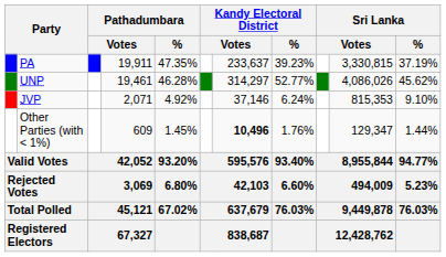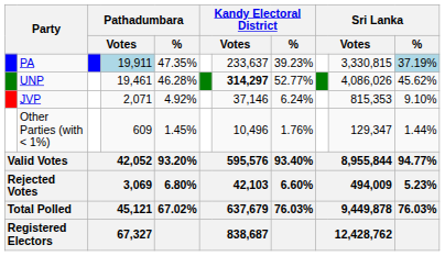 <table class="wikitable">
 <tr>
 <th colspan="2" width="144px"rowspan="2">Party</th>
 <th colspan="3" width="216px">Pathadumbara</th>
 <th colspan="3" width="216px"><a href='#'>Kandy Electoral District</a></th>
 <th colspan="3" width="216px">Sri Lanka</th>
 </tr>
 <tr>
 <th colspan="2" width="144px">Votes</th>
 <th>%</th>
 <th colspan="2" width="144px">Votes</th>
 <th>%</th>
 <th colspan="2" width="144px">Votes</th>
 <th>%</th>
 </tr>
 <tr>
 <td style="background-color:blue;" width="10px"></td>
 <td style="text-align:left;"><a href='#'>PA</a></td>
 <td style="background-color:blue;" width="10px"></td>
-<td style="text-align:right;">19,911</td>
+<td style="background: lightblue; text-align:right;">19,911</td>
 <td style="text-align:right;">47.35%</td>
 <td style="background-color:white;" width="10px"></td>
 <td style="text-align:right;">233,637</td>
 <td style="text-align:right;">39.23%</td>
 <td style="background-color:white;" width="10px"></td>
 <td style="text-align:right;">3,330,815</td>
-<td style="text-align:right;">37.19%</td>
+<td style="background: lightblue; text-align:right;">37.19%</td>
 </tr>
 <tr>
 <td style="background-color:green;" width="10px"></td>
 <td style="text-align:left;"><a href='#'>UNP</a></td>
 <td style="background-color:white;" width="10px"></td>
 <td style="text-align:right;">19,461</td>
 <td style="text-align:right;">46.28%</td>
 <td style="background-color:green;" width="10px"></td>
-<td style="text-align:right;">314,297</td>
+<td style="text-align:right;"><strong>314,297</strong></td>
 <td style="text-align:right;">52.77%</td>
 <td style="background-color:green;" width="10px"></td>
 <td style="text-align:right;">4,086,026</td>
 <td style="text-align:right;">45.62%</td>
 </tr>
 <tr>
 <td style="background-color:red;" width="10px"></td>
 <td style="text-align:left;"><a href='#'>JVP</a></td>
 <td style="background-color:white;" width="10px"></td>
 <td style="text-align:right;">2,071</td>
 <td style="text-align:right;">4.92%</td>
 <td style="background-color:white;" width="10px"></td>
 <td style="text-align:right;">37,146</td>
 <td style="text-align:right;">6.24%</td>
 <td style="background-color:white;" width="10px"></td>
 <td style="text-align:right;">815,353</td>
 <td style="text-align:right;">9.10%</td>
 </tr>
 <tr>
 <td style="background-color:white;" width="10px"></td>
 <td style="text-align:left;">Other Parties (with < 1%)</td>
 <td style="background-color:white;" width="10px"></td>
 <td style="text-align:right;">609</td>
 <td style="text-align:right;">1.45%</td>
 <td style="background-color:white;" width="10px"></td>
-<td style="text-align:right;"><strong>10,496</strong></td>
+<td style="text-align:right;">10,496</td>
 <td style="text-align:right;">1.76%</td>
 <td style="background-color:white;" width="10px"></td>
 <td style="text-align:right;">129,347</td>
 <td style="text-align:right;">1.44%</td>
 </tr>
 <tr>
 <th colspan="2" width="144px"style="text-align:left;">Valid Votes</th>
 <th style="text-align:right;"colspan="2" width="144px">42,052</th>
 <th style="text-align:right;">93.20%</th>
 <th style="text-align:right;"colspan="2" width="144px">595,576</th>
 <th style="text-align:right;">93.40%</th>
 <th style="text-align:right;"colspan="2" width="144px">8,955,844</th>
 <th style="text-align:right;">94.77%</th>
 </tr>
 <tr>
 <th colspan="2" width="144px"style="text-align:left;">Rejected Votes</th>
 <th style="text-align:right;"colspan="2" width="144px">3,069</th>
 <th style="text-align:right;">6.80%</th>
 <th style="text-align:right;"colspan="2" width="144px">42,103</th>
 <th style="text-align:right;">6.60%</th>
 <th style="text-align:right;"colspan="2" width="144px">494,009</th>
 <th style="text-align:right;">5.23%</th>
 </tr>
 <tr>
 <th colspan="2" width="144px"style="text-align:left;">Total Polled</th>
 <th style="text-align:right;"colspan="2" width="144px">45,121</th>
 <th style="text-align:right;">67.02%</th>
 <th style="text-align:right;"colspan="2" width="144px">637,679</th>
 <th style="text-align:right;">76.03%</th>
 <th style="text-align:right;"colspan="2" width="144px">9,449,878</th>
 <th style="text-align:right;">76.03%</th>
 </tr>
 <tr>
 <th colspan="2" width="144px"style="text-align:left;">Registered Electors</th>
 <th style="text-align:right;"colspan="2" width="144px">67,327</th>
 <th></th>
 <th style="text-align:right;"colspan="2" width="144px">838,687</th>
 <th></th>
 <th style="text-align:right;"colspan="2" width="144px">12,428,762</th>
 <th></th>
 </tr>
 </table>
